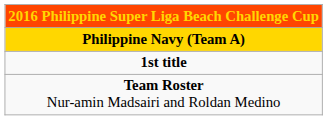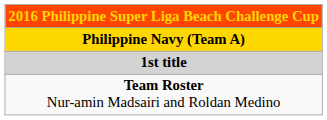 <table class=wikitable style="text-align:center; margin:auto;">
 <tr>
 <th style="background:#FF4500; color:#FFD700;">2016 Philippine Super Liga Beach Challenge Cup</th>
 </tr>
 <tr bgcolor="gold">
 <td><strong>Philippine Navy (Team A)</strong></td>
 </tr>
 <tr>
-<td><strong>1st title</strong></td>
+<td style="background: lightgrey;"><strong>1st title</strong></td>
 </tr>
 <tr>
 <td><strong>Team Roster</strong><br>Nur-amin Madsairi and Roldan Medino</td>
 </tr>
 </table>
